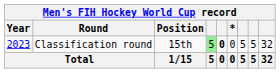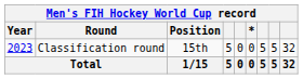 <table class="wikitable" style="text-align: center;">
 <tr>
 <th colspan=9><a href='#'>Men's FIH Hockey World Cup</a> record</th>
 </tr>
 <tr>
 <th>Year</th>
 <th>Round</th>
 <th>Position</th>
 <th></th>
 <th></th>
 <th>*</th>
 <th></th>
 <th></th>
 <th></th>
 </tr>
 <tr>
 <td> <a href='#'>2023</a></td>
 <td>Classification round</td>
 <td>15th</td>
-<td style="background: lightgreen;">5</td>
-<td><strong>0</strong></td>
+<td>5</td>
+<td>0</td>
 <td>0</td>
 <td>5</td>
 <td>5</td>
 <td>32</td>
 </tr>
 <tr>
 <th colspan=2>Total</th>
 <th>1/15</th>
 <th>5</th>
 <th>0</th>
 <th>0</th>
 <th>5</th>
 <th>5</th>
 <th>32</th>
 </tr>
 </table>
